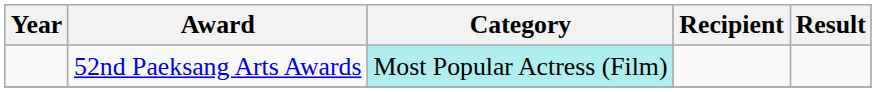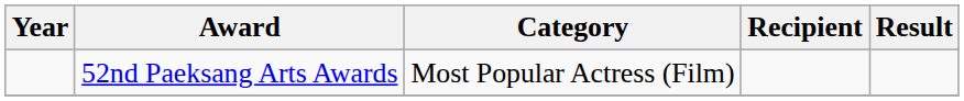 <table class="wikitable">
 <tr>
 <th>Year</th>
 <th>Award</th>
 <th>Category</th>
 <th>Recipient</th>
 <th>Result</th>
 </tr>
 <tr>
 <td></td>
 <td><a href='#'>52nd Paeksang Arts Awards</a></td>
-<td style="background: paleturquoise;">Most Popular Actress (Film)</td>
+<td>Most Popular Actress (Film)</td>
 <td></td>
 <td></td>
 </tr>
 <tr>
 </tr>
 </table>
